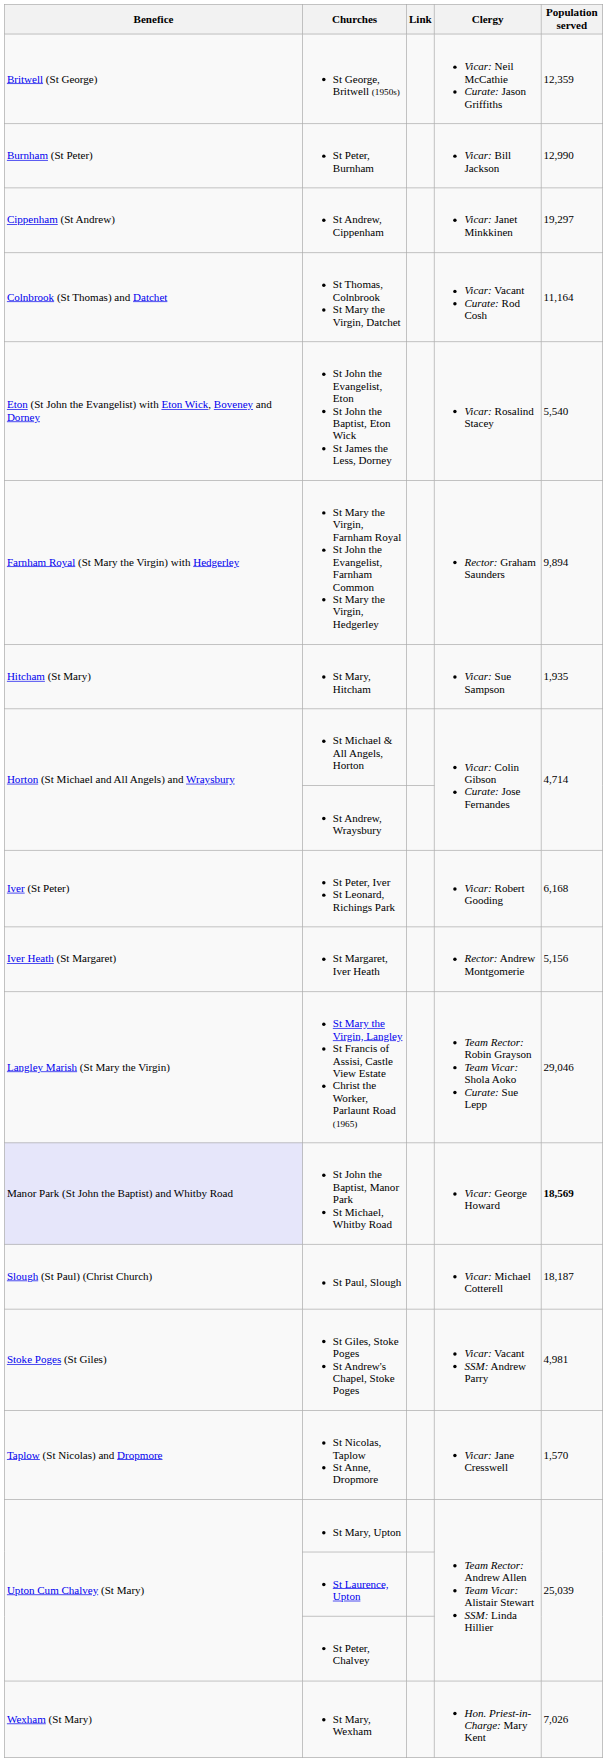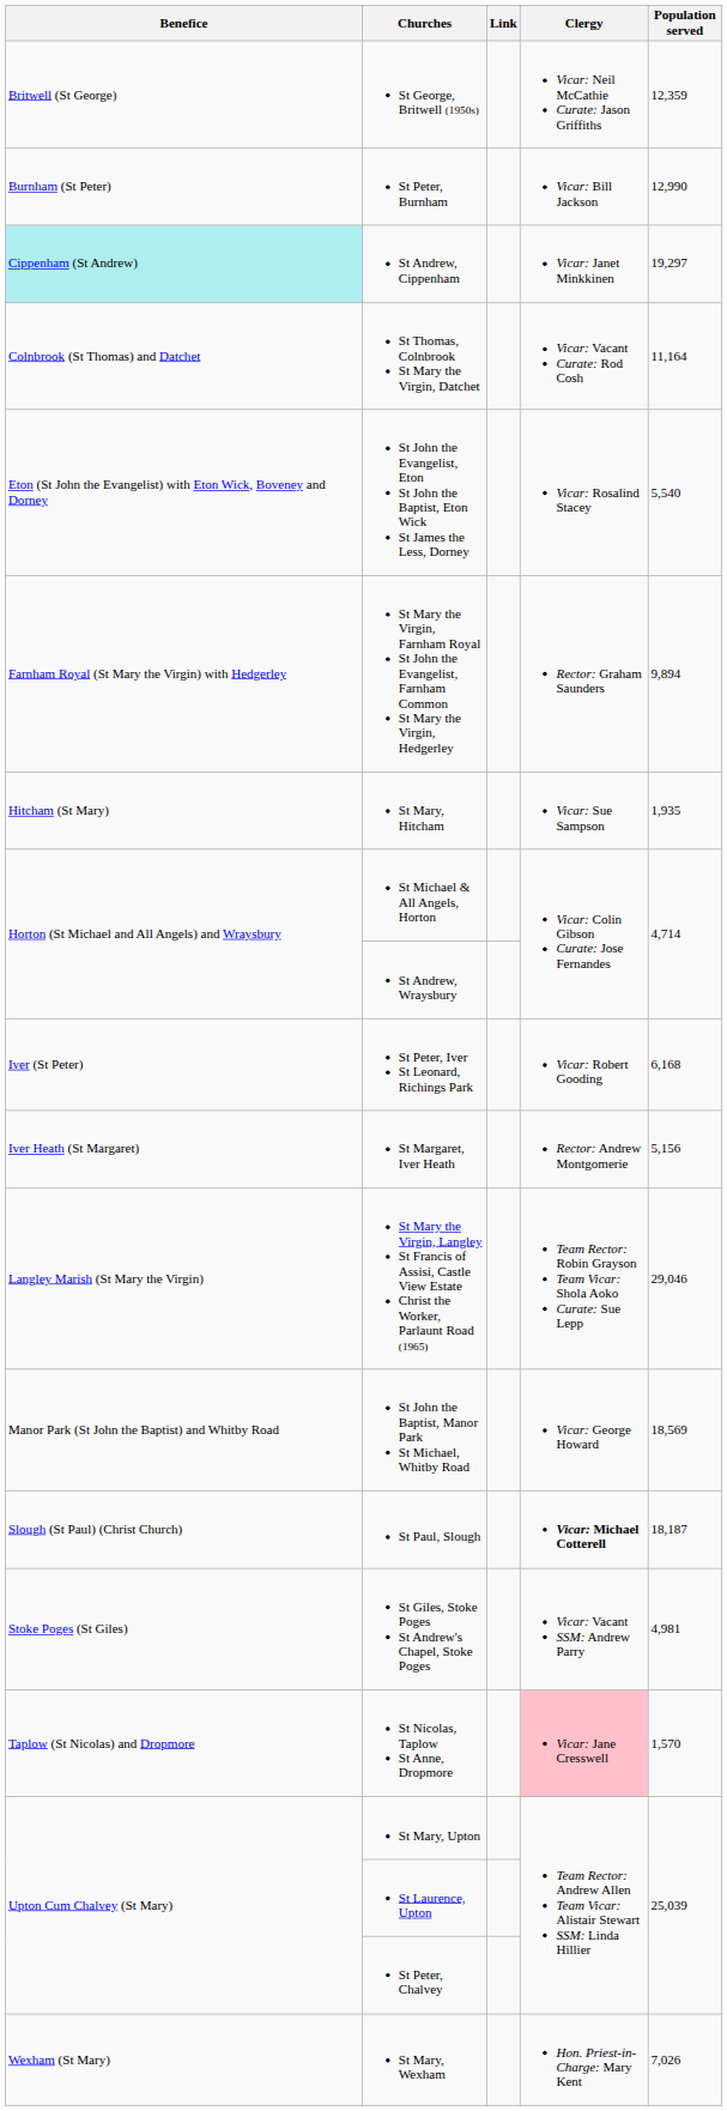 <table class="wikitable">
 <tr>
 <th width="425">Benefice</th>
 <th>Churches</th>
 <th>Link</th>
 <th>Clergy</th>
 <th>Population served</th>
 </tr>
 <tr>
 <td><a href='#'>Britwell</a> (St George)</td>
 <td><br><ul><li>St George, Britwell <small>(1950s)</small></li></ul></td>
 <td></td>
 <td><br><ul><li><em>Vicar:</em> Neil McCathie</li><li><em>Curate:</em> Jason Griffiths</li></ul></td>
 <td>12,359</td>
 </tr>
 <tr>
 <td><a href='#'>Burnham</a> (St Peter)</td>
 <td><br><ul><li>St Peter, Burnham</li></ul></td>
 <td></td>
 <td><br><ul><li><em>Vicar:</em> Bill Jackson</li></ul></td>
 <td>12,990</td>
 </tr>
 <tr>
-<td><a href='#'>Cippenham</a> (St Andrew)</td>
+<td style="background: paleturquoise;"><a href='#'>Cippenham</a> (St Andrew)</td>
 <td><br><ul><li>St Andrew, Cippenham</li></ul></td>
 <td></td>
 <td><br><ul><li><em>Vicar:</em> Janet Minkkinen</li></ul></td>
 <td>19,297</td>
 </tr>
 <tr>
 <td><a href='#'>Colnbrook</a> (St Thomas) and <a href='#'>Datchet</a></td>
 <td><br><ul><li>St Thomas, Colnbrook</li><li>St Mary the Virgin, Datchet</li></ul></td>
 <td></td>
 <td><br><ul><li><em>Vicar:</em> Vacant</li><li><em>Curate:</em> Rod Cosh</li></ul></td>
 <td>11,164</td>
 </tr>
 <tr>
 <td><a href='#'>Eton</a> (St John the Evangelist) with <a href='#'>Eton Wick</a>, <a href='#'>Boveney</a> and <a href='#'>Dorney</a></td>
 <td><br><ul><li>St John the Evangelist, Eton</li><li>St John the Baptist, Eton Wick</li><li>St James the Less, Dorney</li></ul></td>
 <td></td>
 <td><br><ul><li><em>Vicar:</em> Rosalind Stacey</li></ul></td>
 <td>5,540</td>
 </tr>
 <tr>
 <td><a href='#'>Farnham Royal</a> (St Mary the Virgin) with <a href='#'>Hedgerley</a></td>
 <td><br><ul><li>St Mary the Virgin, Farnham Royal</li><li>St John the Evangelist, Farnham Common</li><li>St Mary the Virgin, Hedgerley</li></ul></td>
 <td></td>
 <td><br><ul><li><em>Rector:</em> Graham Saunders</li></ul></td>
 <td>9,894</td>
 </tr>
 <tr>
 <td><a href='#'>Hitcham</a> (St Mary)</td>
 <td><br><ul><li>St Mary, Hitcham</li></ul></td>
 <td></td>
 <td><br><ul><li><em>Vicar:</em> Sue Sampson</li></ul></td>
 <td>1,935</td>
 </tr>
 <tr>
 <td rowspan="2"><a href='#'>Horton</a> (St Michael and All Angels) and <a href='#'>Wraysbury</a></td>
 <td><br><ul><li>St Michael & All Angels, Horton</li></ul></td>
 <td></td>
 <td rowspan="2"><br><ul><li><em>Vicar:</em> Colin Gibson</li><li><em>Curate:</em> Jose Fernandes</li></ul></td>
 <td rowspan="2">4,714</td>
 </tr>
 <tr>
 <td><br><ul><li>St Andrew, Wraysbury</li></ul></td>
 <td></td>
 </tr>
 <tr>
 <td><a href='#'>Iver</a> (St Peter)</td>
 <td><br><ul><li>St Peter, Iver</li><li>St Leonard, Richings Park</li></ul></td>
 <td></td>
 <td><br><ul><li><em>Vicar:</em> Robert Gooding</li></ul></td>
 <td>6,168</td>
 </tr>
 <tr>
 <td><a href='#'>Iver Heath</a> (St Margaret)</td>
 <td><br><ul><li>St Margaret, Iver Heath</li></ul></td>
 <td></td>
 <td><br><ul><li><em>Rector:</em> Andrew Montgomerie</li></ul></td>
 <td>5,156</td>
 </tr>
 <tr>
 <td><a href='#'>Langley Marish</a> (St Mary the Virgin)</td>
 <td><br><ul><li><a href='#'>St Mary the Virgin, Langley</a></li><li>St Francis of Assisi, Castle View Estate</li><li>Christ the Worker, Parlaunt Road <small>(1965)</small></li></ul></td>
 <td></td>
 <td><br><ul><li><em>Team Rector:</em> Robin Grayson</li><li><em>Team Vicar:</em> Shola Aoko</li><li><em>Curate:</em> Sue Lepp</li></ul></td>
 <td>29,046</td>
 </tr>
 <tr>
-<td style="background: lavender;">Manor Park (St John the Baptist) and Whitby Road</td>
+<td>Manor Park (St John the Baptist) and Whitby Road</td>
 <td><br><ul><li>St John the Baptist, Manor Park</li><li>St Michael, Whitby Road</li></ul></td>
 <td></td>
 <td><br><ul><li><em>Vicar:</em> George Howard</li></ul></td>
-<td><strong>18,569</strong></td>
+<td>18,569</td>
 </tr>
 <tr>
 <td><a href='#'>Slough</a> (St Paul) (Christ Church)</td>
 <td><br><ul><li>St Paul, Slough</li></ul></td>
 <td></td>
-<td><br><ul><li><em>Vicar:</em> Michael Cotterell</li></ul></td>
+<td><strong><br><ul><li><em>Vicar:</em> Michael Cotterell</li></ul></strong></td>
 <td>18,187</td>
 </tr>
 <tr>
 <td><a href='#'>Stoke Poges</a> (St Giles)</td>
 <td><br><ul><li>St Giles, Stoke Poges</li><li>St Andrew's Chapel, Stoke Poges</li></ul></td>
 <td></td>
 <td><br><ul><li><em>Vicar:</em> Vacant</li><li><em>SSM:</em> Andrew Parry</li></ul></td>
 <td>4,981</td>
 </tr>
 <tr>
 <td><a href='#'>Taplow</a> (St Nicolas) and <a href='#'>Dropmore</a></td>
 <td><br><ul><li>St Nicolas, Taplow</li><li>St Anne, Dropmore</li></ul></td>
 <td></td>
-<td><br><ul><li><em>Vicar:</em> Jane Cresswell</li></ul></td>
+<td style="background: pink;"><br><ul><li><em>Vicar:</em> Jane Cresswell</li></ul></td>
 <td>1,570</td>
 </tr>
 <tr>
 <td rowspan="3"><a href='#'>Upton Cum Chalvey</a> (St Mary)</td>
 <td><br><ul><li>St Mary, Upton</li></ul></td>
 <td></td>
 <td rowspan="3"><br><ul><li><em>Team Rector:</em> Andrew Allen</li><li><em>Team Vicar:</em> Alistair Stewart</li><li><em>SSM:</em> Linda Hillier</li></ul></td>
 <td rowspan="3">25,039</td>
 </tr>
 <tr>
 <td><br><ul><li><a href='#'>St Laurence, Upton</a></li></ul></td>
 <td></td>
 </tr>
 <tr>
 <td><br><ul><li>St Peter, Chalvey</li></ul></td>
 <td></td>
 </tr>
 <tr>
 <td><a href='#'>Wexham</a> (St Mary)</td>
 <td><br><ul><li>St Mary, Wexham</li></ul></td>
 <td></td>
 <td><br><ul><li><em>Hon. Priest-in-Charge:</em> Mary Kent</li></ul></td>
 <td>7,026</td>
 </tr>
 </table>
